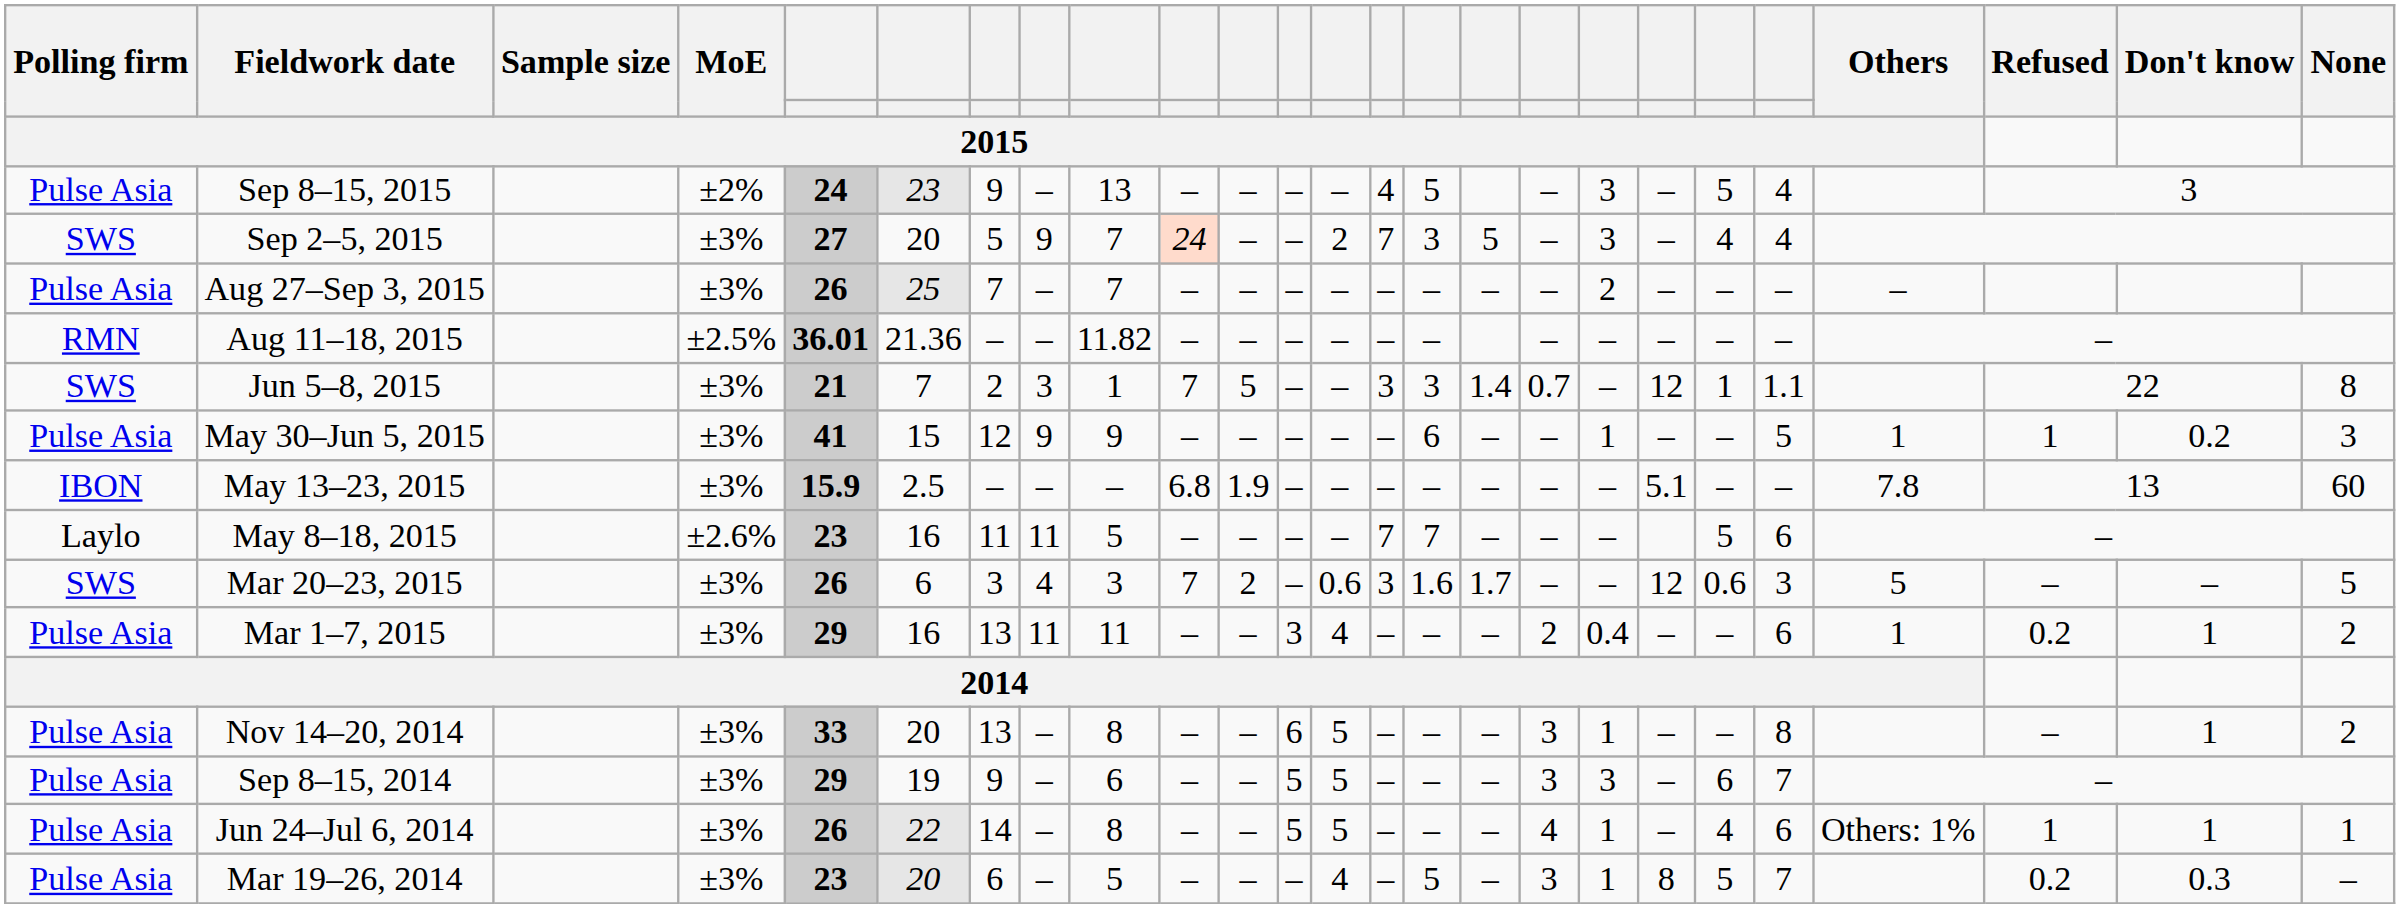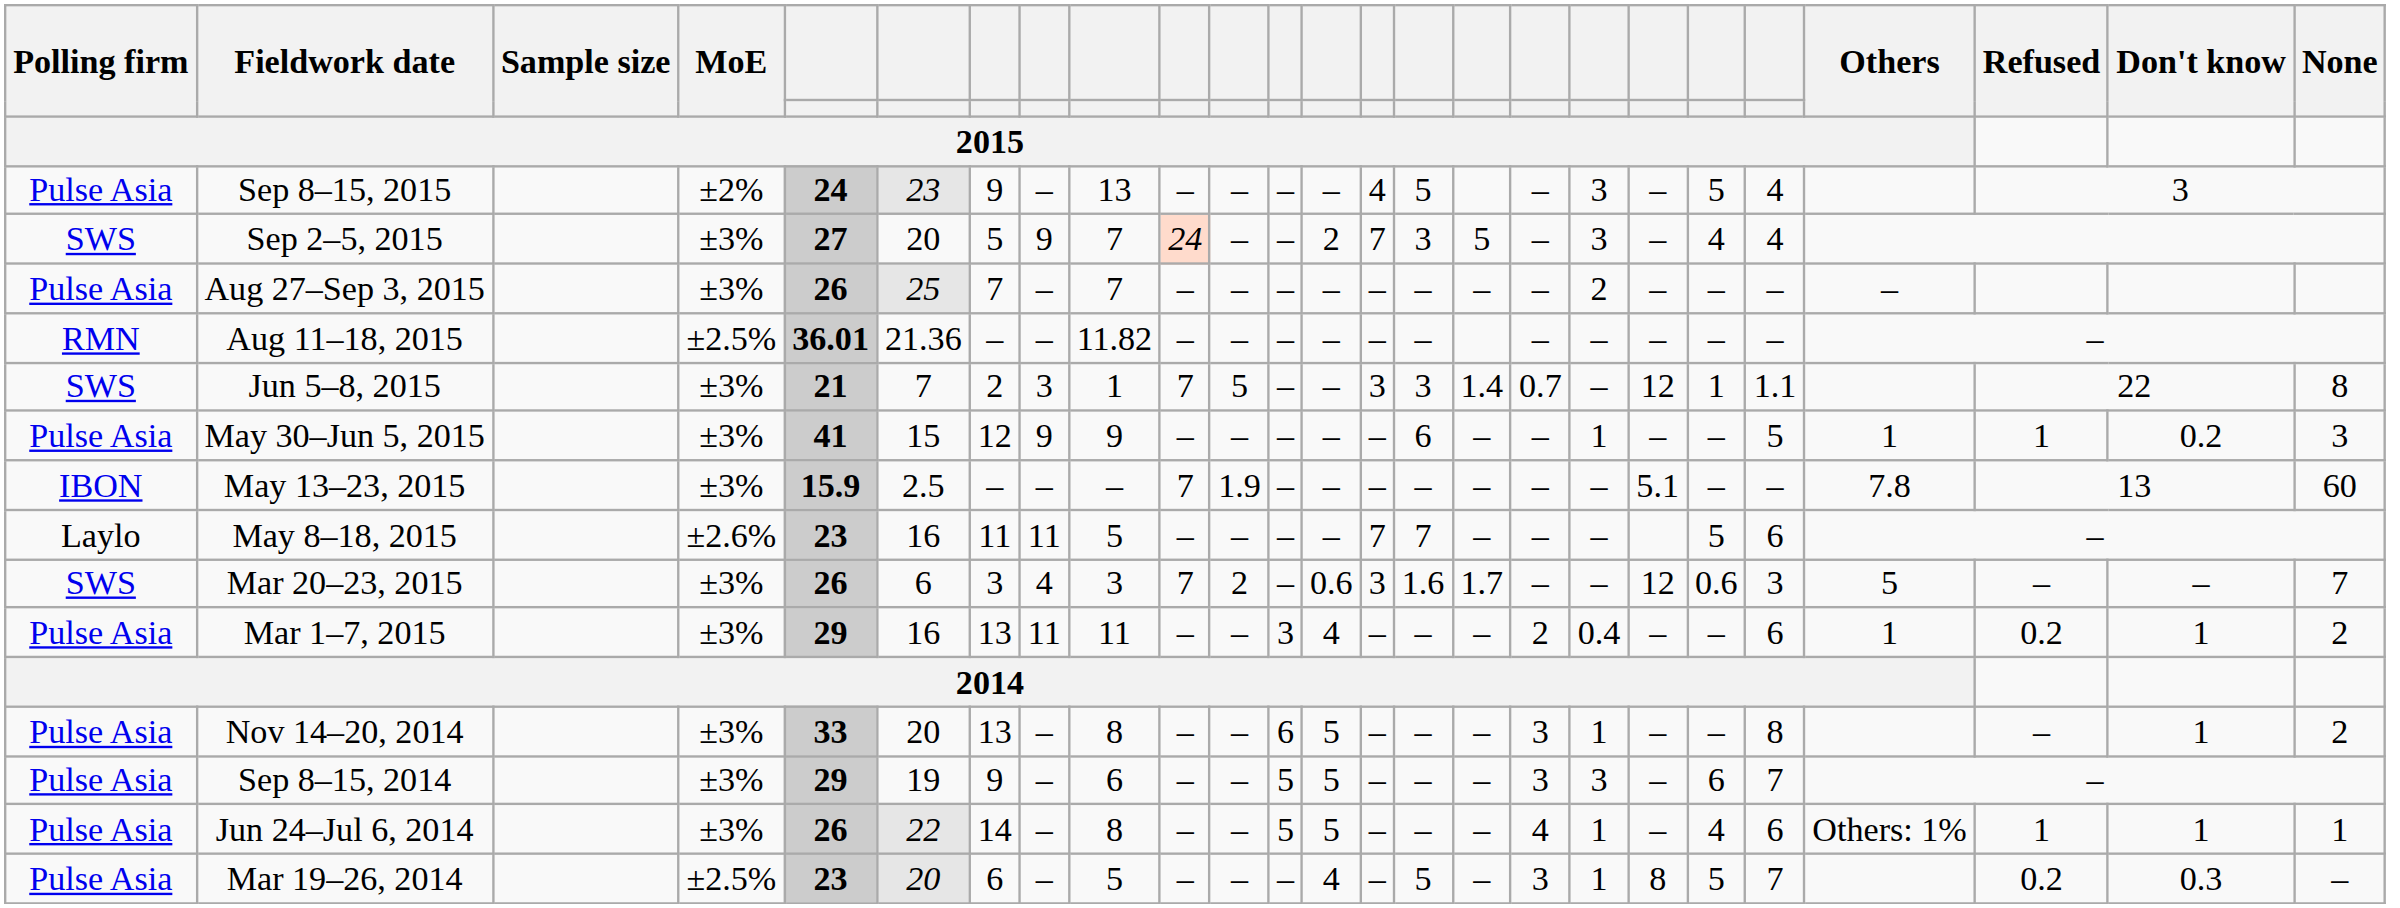 <table class="wikitable" style="text-align:center;font-size:90%;line-height:14px;">
 <tr style="height:40px;">
 <th rowspan="2">Polling firm</th>
 <th rowspan="2">Fieldwork date</th>
 <th rowspan="2">Sample size</th>
 <th rowspan="2"><abbr>MoE</abbr></th>
 <th></th>
 <th></th>
 <th></th>
 <th></th>
 <th></th>
 <th></th>
 <th></th>
 <th></th>
 <th></th>
 <th></th>
 <th></th>
 <th></th>
 <th></th>
 <th></th>
 <th></th>
 <th></th>
 <th></th>
 <th rowspan="2">Others</th>
 <th rowspan="2">Refused</th>
 <th rowspan="2">Don't know</th>
 <th rowspan="2">None</th>
 </tr>
 <tr>
 <th style="background:"></th>
 <th style="background:"></th>
 <th style="background:"></th>
 <th style="background:"></th>
 <th style="background:"></th>
 <th style="background:"></th>
 <th style="background:"></th>
 <th style="background:"></th>
 <th style="background:"></th>
 <th style="background:"></th>
 <th style="background:"></th>
 <th style="background:"></th>
 <th style="background:"></th>
 <th style="background:"></th>
 <th style="background:"></th>
 <th style="background:"></th>
 <th style="background:"></th>
 </tr>
 <tr>
 <th colspan="22">2015</th>
 <td></td>
 <td></td>
 <td></td>
 </tr>
 <tr>
 <td><a href='#'>Pulse Asia</a></td>
 <td>Sep 8–15, 2015</td>
 <td></td>
 <td>±2%</td>
 <td style="background:#CCCCCC;"><strong>24</strong></td>
 <td style="background:#E6E6E6;"><em>23</em></td>
 <td>9</td>
 <td>–</td>
 <td>13</td>
 <td>–</td>
 <td>–</td>
 <td>–</td>
 <td>–</td>
 <td>4</td>
 <td>5</td>
 <td></td>
 <td>–</td>
 <td>3</td>
 <td>–</td>
 <td>5</td>
 <td>4</td>
 <td></td>
 <td colspan="3">3</td>
 </tr>
 <tr>
 <td><a href='#'>SWS</a></td>
 <td>Sep 2–5, 2015</td>
 <td></td>
 <td>±3%</td>
 <td style="background:#CCCCCC;"><strong>27</strong></td>
 <td>20</td>
 <td>5</td>
 <td>9</td>
 <td>7</td>
 <td style="background:#FFDBCC;"><em>24</em></td>
 <td>–</td>
 <td>–</td>
 <td>2</td>
 <td>7</td>
 <td>3</td>
 <td>5</td>
 <td>–</td>
 <td>3</td>
 <td>–</td>
 <td>4</td>
 <td>4</td>
 <td colspan="4"></td>
 </tr>
 <tr>
 <td><a href='#'>Pulse Asia</a></td>
 <td>Aug 27–Sep 3, 2015</td>
 <td></td>
 <td>±3%</td>
 <td style="background:#CCCCCC;"><strong>26</strong></td>
 <td style="background:#E6E6E6;"><em>25</em></td>
 <td>7</td>
 <td>–</td>
 <td>7</td>
 <td>–</td>
 <td>–</td>
 <td>–</td>
 <td>–</td>
 <td>–</td>
 <td>–</td>
 <td>–</td>
 <td>–</td>
 <td>2</td>
 <td>–</td>
 <td>–</td>
 <td>–</td>
 <td>–</td>
 <td></td>
 <td></td>
 <td></td>
 </tr>
 <tr>
 <td><a href='#'>RMN</a></td>
 <td>Aug 11–18, 2015</td>
 <td></td>
 <td>±2.5%</td>
 <td style="background:#CCCCCC;"><strong>36.01</strong></td>
 <td>21.36</td>
 <td>–</td>
 <td>–</td>
 <td>11.82</td>
 <td>–</td>
 <td>–</td>
 <td>–</td>
 <td>–</td>
 <td>–</td>
 <td>–</td>
 <td></td>
 <td>–</td>
 <td>–</td>
 <td>–</td>
 <td>–</td>
 <td>–</td>
 <td colspan="4">–</td>
 </tr>
 <tr>
 <td><a href='#'>SWS</a></td>
 <td>Jun 5–8, 2015</td>
 <td></td>
 <td>±3%</td>
 <td style="background:#CCCCCC;"><strong>21</strong></td>
 <td>7</td>
 <td>2</td>
 <td>3</td>
 <td>1</td>
 <td>7</td>
 <td>5</td>
 <td>–</td>
 <td>–</td>
 <td>3</td>
 <td>3</td>
 <td>1.4</td>
 <td>0.7</td>
 <td>–</td>
 <td>12</td>
 <td>1</td>
 <td>1.1</td>
 <td></td>
 <td colspan="2">22</td>
 <td>8</td>
 </tr>
 <tr>
 <td><a href='#'>Pulse Asia</a></td>
 <td>May 30–Jun 5, 2015</td>
 <td></td>
 <td>±3%</td>
 <td style="background:#CCCCCC;"><strong>41</strong></td>
 <td>15</td>
 <td>12</td>
 <td>9</td>
 <td>9</td>
 <td>–</td>
 <td>–</td>
 <td>–</td>
 <td>–</td>
 <td>–</td>
 <td>6</td>
 <td>–</td>
 <td>–</td>
 <td>1</td>
 <td>–</td>
 <td>–</td>
 <td>5</td>
 <td>1</td>
 <td>1</td>
 <td>0.2</td>
 <td>3</td>
 </tr>
 <tr>
 <td><a href='#'>IBON</a></td>
 <td>May 13–23, 2015</td>
 <td></td>
 <td>±3%</td>
 <td style="background:#CCCCCC;"><strong>15.9</strong></td>
 <td>2.5</td>
 <td>–</td>
 <td>–</td>
 <td>–</td>
-<td>6.8</td>
+<td>7</td>
 <td>1.9</td>
 <td>–</td>
 <td>–</td>
 <td>–</td>
 <td>–</td>
 <td>–</td>
 <td>–</td>
 <td>–</td>
 <td>5.1</td>
 <td>–</td>
 <td>–</td>
 <td>7.8</td>
 <td colspan="2">13</td>
 <td>60</td>
 </tr>
 <tr>
 <td>Laylo </td>
 <td>May 8–18, 2015</td>
 <td></td>
 <td>±2.6%</td>
 <td style="background:#CCCCCC;"><strong>23</strong></td>
 <td>16</td>
 <td>11</td>
 <td>11</td>
 <td>5</td>
 <td>–</td>
 <td>–</td>
 <td>–</td>
 <td>–</td>
 <td>7</td>
 <td>7</td>
 <td>–</td>
 <td>–</td>
 <td>–</td>
 <td></td>
 <td>5</td>
 <td>6</td>
 <td colspan="4">–</td>
 </tr>
 <tr>
 <td><a href='#'>SWS</a></td>
 <td>Mar 20–23, 2015</td>
 <td></td>
 <td>±3%</td>
 <td style="background:#CCCCCC;"><strong>26</strong></td>
 <td>6</td>
 <td>3</td>
 <td>4</td>
 <td>3</td>
 <td>7</td>
 <td>2</td>
 <td>–</td>
 <td>0.6</td>
 <td>3</td>
 <td>1.6</td>
 <td>1.7</td>
 <td>–</td>
 <td>–</td>
 <td>12</td>
 <td>0.6</td>
 <td>3</td>
 <td>5</td>
 <td>–</td>
 <td>–</td>
-<td>5</td>
+<td>7</td>
 </tr>
 <tr>
 <td><a href='#'>Pulse Asia</a></td>
 <td>Mar 1–7, 2015</td>
 <td></td>
 <td>±3%</td>
 <td style="background:#CCCCCC;"><strong>29</strong></td>
 <td>16</td>
 <td>13</td>
 <td>11</td>
 <td>11</td>
 <td>–</td>
 <td>–</td>
 <td>3</td>
 <td>4</td>
 <td>–</td>
 <td>–</td>
 <td>–</td>
 <td>2</td>
 <td>0.4</td>
 <td>–</td>
 <td>–</td>
 <td>6</td>
 <td>1</td>
 <td>0.2</td>
 <td>1</td>
 <td>2</td>
 </tr>
 <tr>
 <th colspan="22">2014</th>
 <td></td>
 <td></td>
 <td></td>
 </tr>
 <tr>
 <td><a href='#'>Pulse Asia</a></td>
 <td>Nov 14–20, 2014</td>
 <td></td>
 <td>±3%</td>
 <td style="background:#CCCCCC;"><strong>33</strong></td>
 <td>20</td>
 <td>13</td>
 <td>–</td>
 <td>8</td>
 <td>–</td>
 <td>–</td>
 <td>6</td>
 <td>5</td>
 <td>–</td>
 <td>–</td>
 <td>–</td>
 <td>3</td>
 <td>1</td>
 <td>–</td>
 <td>–</td>
 <td>8</td>
 <td></td>
 <td>–</td>
 <td>1</td>
 <td>2</td>
 </tr>
 <tr>
 <td><a href='#'>Pulse Asia</a></td>
 <td>Sep 8–15, 2014</td>
 <td></td>
 <td>±3%</td>
 <td style="background:#CCCCCC;"><strong>29</strong></td>
 <td>19</td>
 <td>9</td>
 <td>–</td>
 <td>6</td>
 <td>–</td>
 <td>–</td>
 <td>5</td>
 <td>5</td>
 <td>–</td>
 <td>–</td>
 <td>–</td>
 <td>3</td>
 <td>3</td>
 <td>–</td>
 <td>6</td>
 <td>7</td>
 <td colspan="4">–</td>
 </tr>
 <tr>
 <td><a href='#'>Pulse Asia</a></td>
 <td>Jun 24–Jul 6, 2014</td>
 <td></td>
 <td>±3%</td>
 <td style="background:#CCCCCC;"><strong>26</strong></td>
 <td style="background:#E6E6E6;"><em>22</em></td>
 <td>14</td>
 <td>–</td>
 <td>8</td>
 <td>–</td>
 <td>–</td>
 <td>5</td>
 <td>5</td>
 <td>–</td>
 <td>–</td>
 <td>–</td>
 <td>4</td>
 <td>1</td>
 <td>–</td>
 <td>4</td>
 <td>6</td>
 <td>Others: 1%</td>
 <td>1</td>
 <td>1</td>
 <td>1</td>
 </tr>
 <tr>
 <td><a href='#'>Pulse Asia</a></td>
 <td>Mar 19–26, 2014</td>
 <td></td>
-<td>±3%</td>
+<td>±2.5%</td>
 <td style="background:#CCCCCC;"><strong>23</strong></td>
 <td style="background:#E6E6E6;"><em>20</em></td>
 <td>6</td>
 <td>–</td>
 <td>5</td>
 <td>–</td>
 <td>–</td>
 <td>–</td>
 <td>4</td>
 <td>–</td>
 <td>5</td>
 <td>–</td>
 <td>3</td>
 <td>1</td>
 <td>8</td>
 <td>5</td>
 <td>7</td>
 <td></td>
 <td>0.2</td>
 <td>0.3</td>
 <td>–</td>
 </tr>
 </table>
